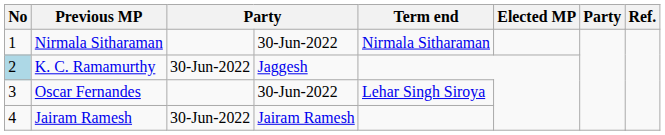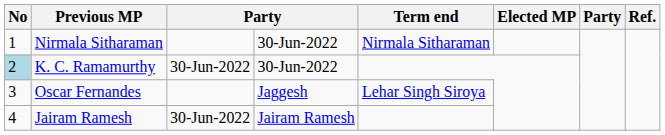 <table class="wikitable sortable">
 <tr>
 <th>No</th>
 <th>Previous MP</th>
 <th colspan="2">Party</th>
 <th>Term end</th>
 <th>Elected MP</th>
 <th colspan="2">Party</th>
 <th>Ref.</th>
 </tr>
 <tr>
 <td>1</td>
 <td><a href='#'>Nirmala Sitharaman</a></td>
 <td></td>
 <td>30-Jun-2022</td>
 <td><a href='#'>Nirmala Sitharaman</a></td>
 <td></td>
 <td rowspan="4"></td>
 </tr>
 <tr>
 <td style="background: lightblue;">2</td>
 <td><a href='#'>K. C. Ramamurthy</a></td>
 <td>30-Jun-2022</td>
-<td><a href='#'>Jaggesh</a></td>
+<td>30-Jun-2022</td>
 </tr>
 <tr>
 <td>3</td>
 <td><a href='#'>Oscar Fernandes</a></td>
 <td></td>
-<td>30-Jun-2022</td>
+<td><a href='#'>Jaggesh</a></td>
 <td><a href='#'>Lehar Singh Siroya</a></td>
 </tr>
 <tr>
 <td>4</td>
 <td><a href='#'>Jairam Ramesh</a></td>
 <td>30-Jun-2022</td>
 <td><a href='#'>Jairam Ramesh</a></td>
 <td></td>
 </tr>
 </table>
